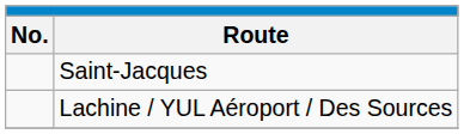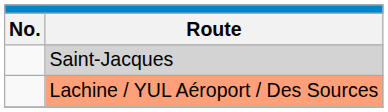 <table align=center class="wikitable">
 <tr>
 <th style="background: #0085CA; font-size:100%; color:#FFFFFF;"colspan="4"><a href='#'></a></th>
 </tr>
 <tr>
 <th>No.</th>
 <th>Route</th>
 </tr>
 <tr>
 <td {{Avoid wrap> </td>
-<td>Saint-Jacques</td>
+<td style="background: lightgrey;">Saint-Jacques</td>
 </tr>
 <tr>
 <td {{Avoid wrap> </td>
-<td>Lachine / YUL Aéroport / Des Sources</td>
+<td style="background: lightsalmon;">Lachine / YUL Aéroport / Des Sources</td>
 </tr>
 <tr>
 </tr>
 </table>
